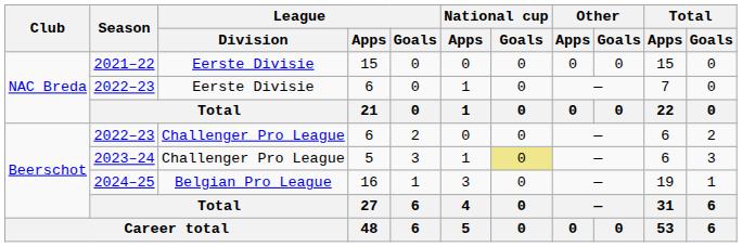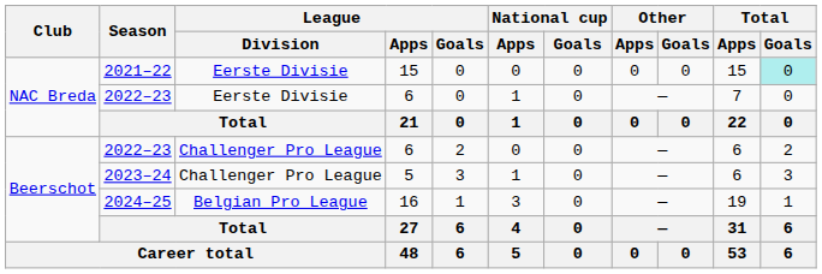 <table class="wikitable" style="text-align:center">
 <tr>
 <th rowspan="2">Club</th>
 <th rowspan="2">Season</th>
 <th colspan="3">League</th>
 <th colspan="2">National cup</th>
 <th colspan="2">Other</th>
 <th colspan="2">Total</th>
 </tr>
 <tr>
 <th>Division</th>
 <th>Apps</th>
 <th>Goals</th>
 <th>Apps</th>
 <th>Goals</th>
 <th>Apps</th>
 <th>Goals</th>
 <th>Apps</th>
 <th>Goals</th>
 </tr>
 <tr>
 <td rowspan="3"><a href='#'>NAC Breda</a></td>
 <td><a href='#'>2021–22</a></td>
 <td><a href='#'>Eerste Divisie</a></td>
 <td>15</td>
 <td>0</td>
 <td>0</td>
 <td>0</td>
 <td>0</td>
 <td>0</td>
 <td>15</td>
-<td>0</td>
+<td style="background: paleturquoise;">0</td>
 </tr>
 <tr>
 <td><a href='#'>2022–23</a></td>
 <td>Eerste Divisie</td>
 <td>6</td>
 <td>0</td>
 <td>1</td>
 <td>0</td>
 <td colspan="2">—</td>
 <td>7</td>
 <td>0</td>
 </tr>
 <tr>
 <th colspan="2">Total</th>
 <th>21</th>
 <th>0</th>
 <th>1</th>
 <th>0</th>
 <th>0</th>
 <th>0</th>
 <th>22</th>
 <th>0</th>
 </tr>
 <tr>
 <td rowspan="4"><a href='#'>Beerschot</a></td>
 <td><a href='#'>2022–23</a></td>
 <td><a href='#'>Challenger Pro League</a></td>
 <td>6</td>
 <td>2</td>
 <td>0</td>
 <td>0</td>
 <td colspan="2">—</td>
 <td>6</td>
 <td>2</td>
 </tr>
 <tr>
 <td><a href='#'>2023–24</a></td>
 <td>Challenger Pro League</td>
 <td>5</td>
 <td>3</td>
 <td>1</td>
-<td style="background: khaki;">0</td>
+<td>0</td>
 <td colspan="2">—</td>
 <td>6</td>
 <td>3</td>
 </tr>
 <tr>
 <td><a href='#'>2024–25</a></td>
 <td><a href='#'>Belgian Pro League</a></td>
 <td>16</td>
 <td>1</td>
 <td>3</td>
 <td>0</td>
 <td colspan="2">—</td>
 <td>19</td>
 <td>1</td>
 </tr>
 <tr>
 <th colspan="2">Total</th>
 <th>27</th>
 <th>6</th>
 <th>4</th>
 <th>0</th>
 <th colspan="2">—</th>
 <th>31</th>
 <th>6</th>
 </tr>
 <tr>
 <th colspan="3">Career total</th>
 <th>48</th>
 <th>6</th>
 <th>5</th>
 <th>0</th>
 <th>0</th>
 <th>0</th>
 <th>53</th>
 <th>6</th>
 </tr>
 </table>
